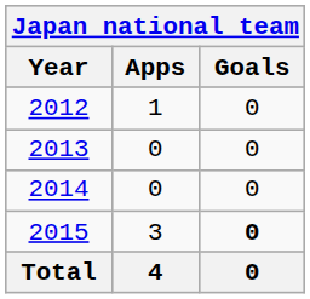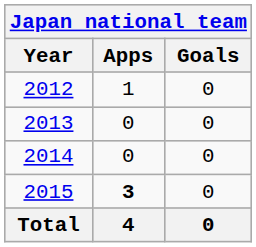 <table class="wikitable" style="text-align:center">
 <tr>
 <th colspan=3><a href='#'>Japan national team</a></th>
 </tr>
 <tr>
 <th>Year</th>
 <th>Apps</th>
 <th>Goals</th>
 </tr>
 <tr>
 <td><a href='#'>2012</a></td>
 <td>1</td>
 <td>0</td>
 </tr>
 <tr>
 <td><a href='#'>2013</a></td>
 <td>0</td>
 <td>0</td>
 </tr>
 <tr>
 <td><a href='#'>2014</a></td>
 <td>0</td>
 <td>0</td>
 </tr>
 <tr>
 <td><a href='#'>2015</a></td>
-<td>3</td>
-<td><strong>0</strong></td>
+<td><strong>3</strong></td>
+<td>0</td>
 </tr>
 <tr>
 <th>Total</th>
 <th>4</th>
 <th>0</th>
 </tr>
 </table>
